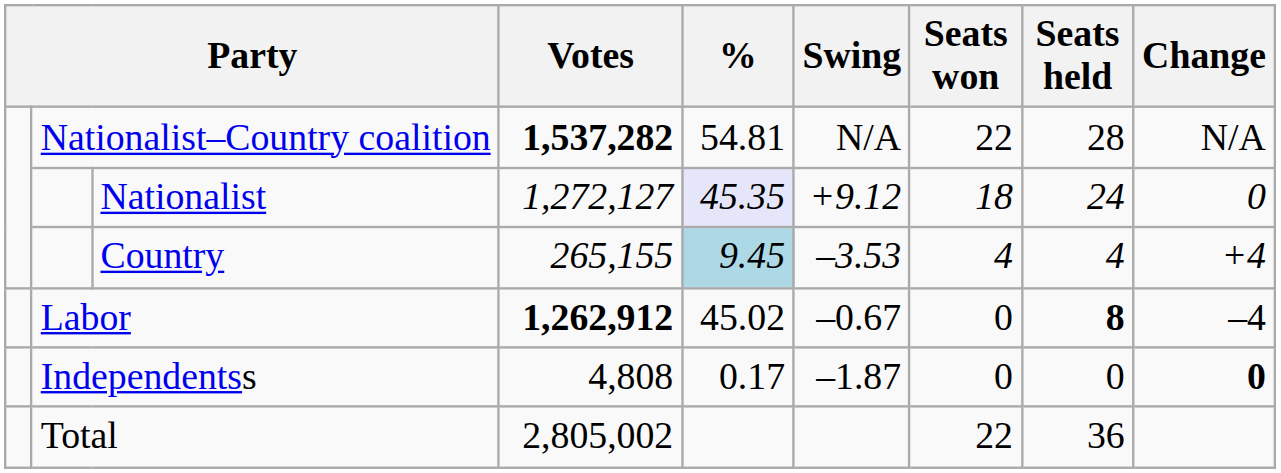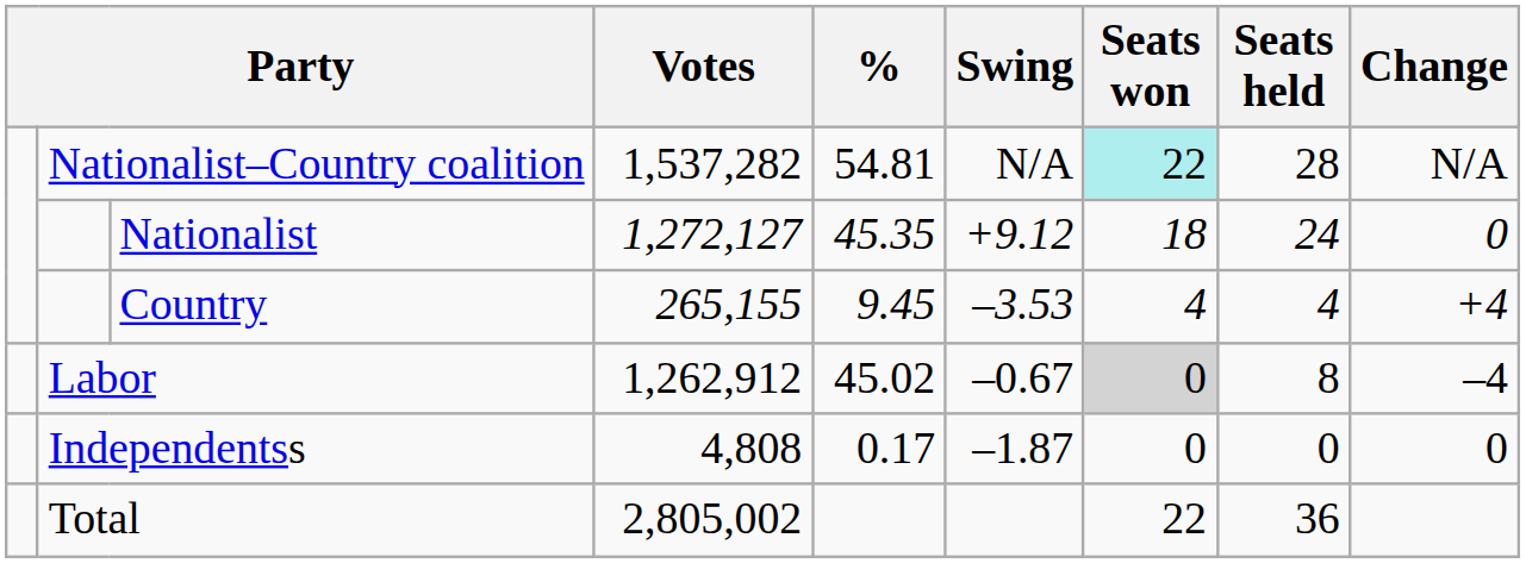 <table class="wikitable">
 <tr>
 <th colspan=3 style="width:180px">Party</th>
 <th style="width:70px">Votes</th>
 <th style="width:40px">%</th>
 <th style="width:40px">Swing</th>
 <th style="width:40px">Seats won</th>
 <th style="width:40px">Seats held</th>
 <th style="width:40px">Change</th>
 </tr>
 <tr>
 <td rowspan=3> </td>
 <td colspan=2><a href='#'>Nationalist–Country coalition</a></td>
-<td align=right><strong>1,537,282</strong></td>
+<td align=right>1,537,282</td>
 <td align=right>54.81</td>
 <td align=right>N/A</td>
-<td align=right>22</td>
+<td align=right style="background: paleturquoise;">22</td>
 <td align=right>28</td>
 <td align=right>N/A</td>
 </tr>
 <tr>
 <td> </td>
 <td><a href='#'>Nationalist</a></td>
 <td align=right><em>1,272,127</em></td>
-<td align=right style="background: lavender;"><em>45.35</em></td>
+<td align=right><em>45.35</em></td>
 <td align=right><em>+9.12</em></td>
 <td align=right><em>18</em></td>
 <td align=right><em>24</em></td>
 <td align=right><em>0</em></td>
 </tr>
 <tr>
 <td> </td>
 <td><a href='#'>Country</a></td>
 <td align=right><em>265,155</em></td>
-<td align=right style="background: lightblue;"><em>9.45</em></td>
+<td align=right><em>9.45</em></td>
 <td align=right><em>–3.53</em></td>
 <td align=right><em>4</em></td>
 <td align=right><em>4</em></td>
 <td align=right><em>+4</em></td>
 </tr>
 <tr>
 <td> </td>
 <td colspan=2><a href='#'>Labor</a></td>
-<td align=right><strong>1,262,912</strong></td>
+<td align=right>1,262,912</td>
 <td align=right>45.02</td>
 <td align=right>–0.67</td>
-<td align=right>0</td>
-<td align=right><strong>8</strong></td>
+<td align=right style="background: lightgrey;">0</td>
+<td align=right>8</td>
 <td align=right>–4</td>
 </tr>
 <tr>
 <td> </td>
 <td colspan=2><a href='#'>Independents</a>s</td>
 <td align=right>4,808</td>
 <td align=right>0.17</td>
 <td align=right>–1.87</td>
 <td align=right>0</td>
 <td align=right>0</td>
-<td align=right><strong>0</strong></td>
+<td align=right>0</td>
 </tr>
 <tr>
 <td> </td>
 <td colspan=2>Total</td>
 <td align=right>2,805,002</td>
 <td align=right> </td>
 <td align=right> </td>
 <td align=right>22</td>
 <td align=right>36</td>
 <td align=right></td>
 </tr>
 </table>
